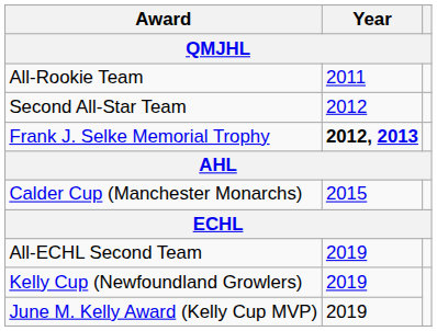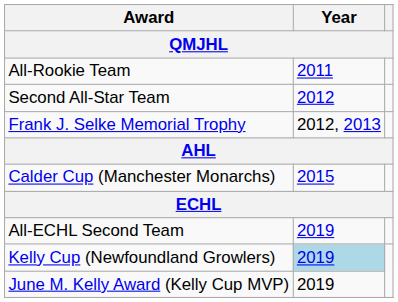 <table class="wikitable">
 <tr>
 <th>Award</th>
 <th>Year</th>
 <th></th>
 </tr>
 <tr>
 <th colspan="3"><a href='#'>QMJHL</a></th>
 </tr>
 <tr>
 <td>All-Rookie Team</td>
 <td><a href='#'>2011</a></td>
 <td></td>
 </tr>
 <tr>
 <td>Second All-Star Team</td>
 <td><a href='#'>2012</a></td>
 <td></td>
 </tr>
 <tr>
 <td><a href='#'>Frank J. Selke Memorial Trophy</a></td>
-<td><strong>2012, <a href='#'>2013</a></strong></td>
+<td>2012, <a href='#'>2013</a></td>
 <td></td>
 </tr>
 <tr>
 <th colspan="3"><a href='#'>AHL</a></th>
 </tr>
 <tr>
 <td><a href='#'>Calder Cup</a> (Manchester Monarchs)</td>
 <td><a href='#'>2015</a></td>
 <td></td>
 </tr>
 <tr>
 <th colspan=3><a href='#'>ECHL</a></th>
 </tr>
 <tr>
 <td>All-ECHL Second Team</td>
 <td><a href='#'>2019</a></td>
 <td></td>
 </tr>
 <tr>
 <td><a href='#'>Kelly Cup</a> (Newfoundland Growlers)</td>
-<td><a href='#'>2019</a></td>
+<td style="background: lightblue;"><a href='#'>2019</a></td>
 <td rowspan="2"></td>
 </tr>
 <tr>
 <td><a href='#'>June M. Kelly Award</a> (Kelly Cup MVP)</td>
 <td>2019</td>
 </tr>
 </table>
